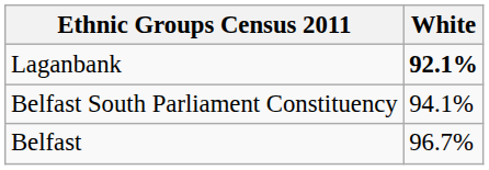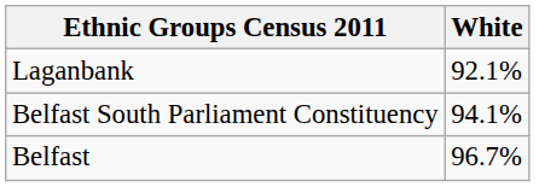 <table class="wikitable">
 <tr>
 <th>Ethnic Groups Census 2011</th>
 <th>White</th>
 </tr>
 <tr>
 <td>Laganbank</td>
-<td><strong>92.1%</strong></td>
+<td>92.1%</td>
 </tr>
 <tr>
 <td>Belfast South Parliament Constituency</td>
 <td>94.1%</td>
 </tr>
 <tr>
 <td>Belfast</td>
 <td>96.7%</td>
 </tr>
 </table>
